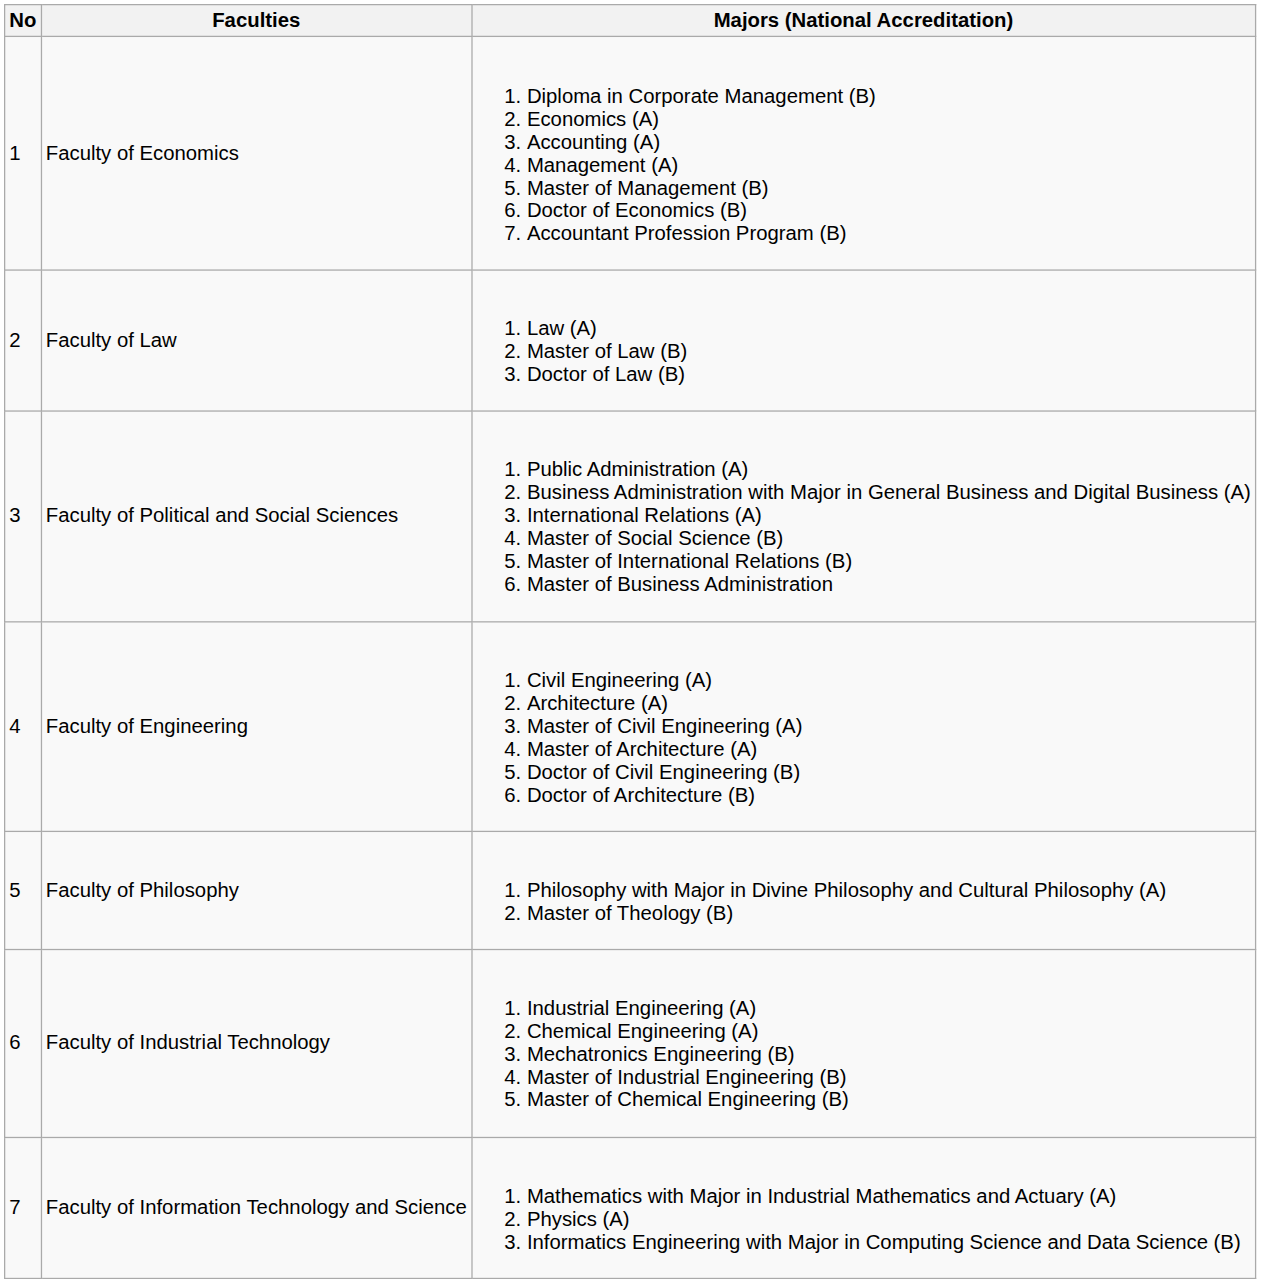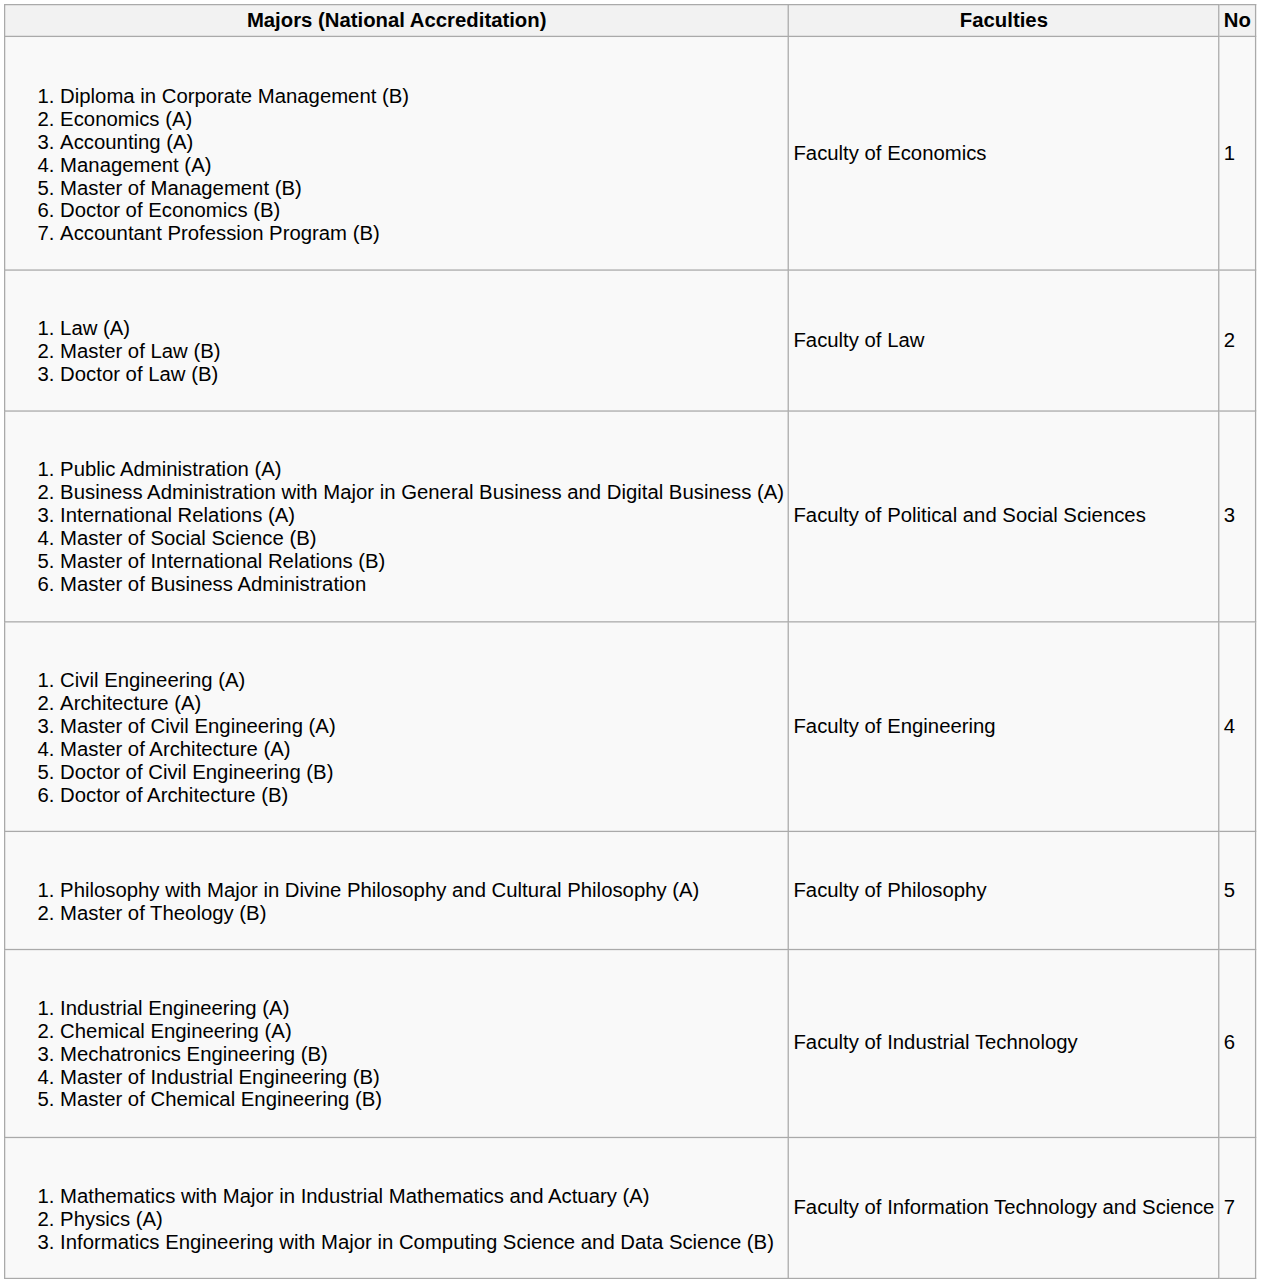 <table class="wikitable">
 <tr>
+<th>Majors (National Accreditation)</th>
+<th>Faculties</th>
 <th>No</th>
-<th>Faculties</th>
-<th>Majors (National Accreditation)</th>
 </tr>
 <tr>
+<td><br><ol><li>Diploma in Corporate Management (B)</li><li>Economics (A)</li><li>Accounting (A)</li><li>Management (A)</li><li>Master of Management (B)</li><li>Doctor of Economics (B)</li><li>Accountant Profession Program (B)</li></ol></td>
+<td>Faculty of Economics</td>
 <td>1</td>
-<td>Faculty of Economics</td>
-<td><br><ol><li>Diploma in Corporate Management (B)</li><li>Economics (A)</li><li>Accounting (A)</li><li>Management (A)</li><li>Master of Management (B)</li><li>Doctor of Economics (B)</li><li>Accountant Profession Program (B)</li></ol></td>
 </tr>
 <tr>
+<td><br><ol><li>Law (A)</li><li>Master of Law (B)</li><li>Doctor of Law (B)</li></ol></td>
+<td>Faculty of Law</td>
 <td>2</td>
-<td>Faculty of Law</td>
-<td><br><ol><li>Law (A)</li><li>Master of Law (B)</li><li>Doctor of Law (B)</li></ol></td>
 </tr>
 <tr>
+<td><br><ol><li>Public Administration (A)</li><li>Business Administration with Major in General Business and Digital Business (A)</li><li>International Relations (A)</li><li>Master of Social Science (B)</li><li>Master of International Relations (B)</li><li>Master of Business Administration</li></ol></td>
+<td>Faculty of Political and Social Sciences</td>
 <td>3</td>
-<td>Faculty of Political and Social Sciences</td>
-<td><br><ol><li>Public Administration (A)</li><li>Business Administration with Major in General Business and Digital Business (A)</li><li>International Relations (A)</li><li>Master of Social Science (B)</li><li>Master of International Relations (B)</li><li>Master of Business Administration</li></ol></td>
 </tr>
 <tr>
+<td><br><ol><li>Civil Engineering (A)</li><li>Architecture (A)</li><li>Master of Civil Engineering (A)</li><li>Master of Architecture (A)</li><li>Doctor of Civil Engineering (B)</li><li>Doctor of Architecture (B)</li></ol></td>
+<td>Faculty of Engineering</td>
 <td>4</td>
-<td>Faculty of Engineering</td>
-<td><br><ol><li>Civil Engineering (A)</li><li>Architecture (A)</li><li>Master of Civil Engineering (A)</li><li>Master of Architecture (A)</li><li>Doctor of Civil Engineering (B)</li><li>Doctor of Architecture (B)</li></ol></td>
 </tr>
 <tr>
+<td><br><ol><li>Philosophy with Major in Divine Philosophy and Cultural Philosophy  (A)</li><li>Master of Theology (B)</li></ol></td>
+<td>Faculty of Philosophy</td>
 <td>5</td>
-<td>Faculty of Philosophy</td>
-<td><br><ol><li>Philosophy with Major in Divine Philosophy and Cultural Philosophy  (A)</li><li>Master of Theology (B)</li></ol></td>
 </tr>
 <tr>
+<td><br><ol><li>Industrial Engineering (A)</li><li>Chemical Engineering (A)</li><li>Mechatronics Engineering (B)</li><li>Master of Industrial Engineering (B)</li><li>Master of Chemical Engineering (B)</li></ol></td>
+<td>Faculty of Industrial Technology</td>
 <td>6</td>
-<td>Faculty of Industrial Technology</td>
-<td><br><ol><li>Industrial Engineering (A)</li><li>Chemical Engineering (A)</li><li>Mechatronics Engineering (B)</li><li>Master of Industrial Engineering (B)</li><li>Master of Chemical Engineering (B)</li></ol></td>
 </tr>
 <tr>
+<td><br><ol><li>Mathematics with Major in Industrial Mathematics and Actuary (A)</li><li>Physics (A)</li><li>Informatics Engineering with Major in Computing Science and Data Science (B)</li></ol></td>
+<td>Faculty of Information Technology and Science</td>
 <td>7</td>
-<td>Faculty of Information Technology and Science</td>
-<td><br><ol><li>Mathematics with Major in Industrial Mathematics and Actuary (A)</li><li>Physics (A)</li><li>Informatics Engineering with Major in Computing Science and Data Science (B)</li></ol></td>
 </tr>
 </table>
